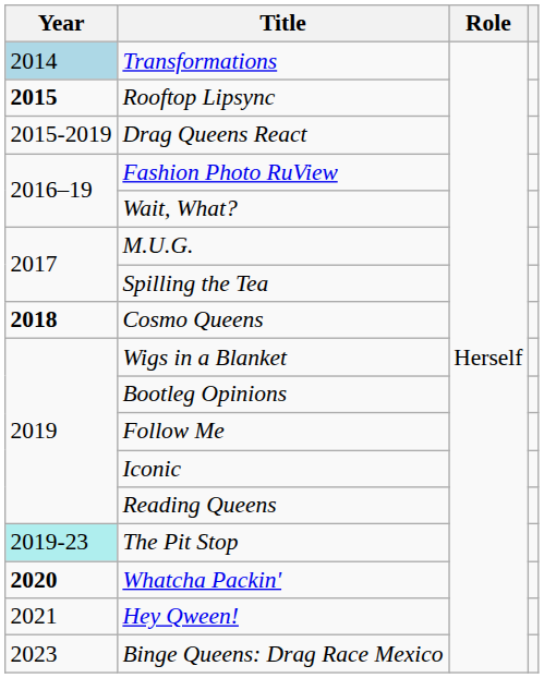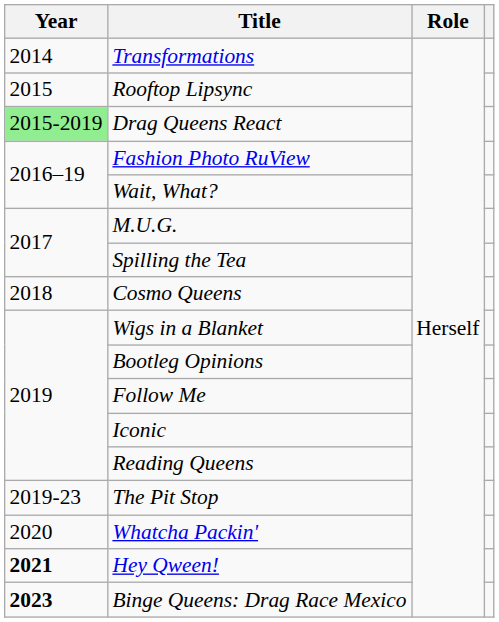 <table class="wikitable">
 <tr>
 <th>Year</th>
 <th>Title</th>
 <th>Role</th>
 <th style="text-align: center;" class="unsortable"></th>
 </tr>
 <tr>
-<td style="background: lightblue;">2014</td>
+<td>2014</td>
 <td><em><a href='#'>Transformations</a></em></td>
 <td rowspan="17">Herself</td>
 <td style="text-align: center;"></td>
 </tr>
 <tr>
-<td><strong>2015</strong></td>
+<td>2015</td>
 <td><em>Rooftop Lipsync</em></td>
 <td style="text-align: center;"></td>
 </tr>
 <tr>
-<td>2015-2019</td>
+<td style="background: lightgreen;">2015-2019</td>
 <td><em>Drag Queens React</em></td>
 <td style="text-align: center;"></td>
 </tr>
 <tr>
 <td rowspan="2">2016–19</td>
 <td><em><a href='#'>Fashion Photo RuView</a></em></td>
 <td></td>
 </tr>
 <tr>
 <td><em>Wait, What?</em></td>
 <td></td>
 </tr>
 <tr>
 <td rowspan="2">2017</td>
 <td><em>M.U.G.</em></td>
 <td style="text-align: center;"></td>
 </tr>
 <tr>
 <td><em>Spilling the Tea</em></td>
 <td style="text-align: center;"></td>
 </tr>
 <tr>
-<td><strong>2018</strong></td>
+<td>2018</td>
 <td><em>Cosmo Queens</em></td>
 <td style="text-align: center;"></td>
 </tr>
 <tr>
 <td rowspan="5">2019</td>
 <td><em>Wigs in a Blanket</em></td>
 <td style="text-align: center;"></td>
 </tr>
 <tr>
 <td><em>Bootleg Opinions</em></td>
 <td style="text-align: center;"></td>
 </tr>
 <tr>
 <td><em>Follow Me</em></td>
 <td style="text-align: center;"></td>
 </tr>
 <tr>
 <td><em>Iconic</em></td>
 <td style="text-align: center;"></td>
 </tr>
 <tr>
 <td><em>Reading Queens</em></td>
 <td style="text-align: center;"></td>
 </tr>
 <tr>
-<td style="background: paleturquoise;">2019-23</td>
+<td>2019-23</td>
 <td><em>The Pit Stop</em></td>
 <td></td>
 </tr>
 <tr>
-<td><strong>2020</strong></td>
+<td>2020</td>
 <td><em><a href='#'>Whatcha Packin'</a></em></td>
 <td style="text-align: center;"></td>
 </tr>
 <tr>
-<td>2021</td>
+<td><strong>2021</strong></td>
 <td><em><a href='#'>Hey Qween!</a></em></td>
 <td style="text-align: center;"></td>
 </tr>
 <tr>
-<td>2023</td>
+<td><strong>2023</strong></td>
 <td><em>Binge Queens: Drag Race Mexico</em></td>
 <td></td>
 </tr>
 </table>
